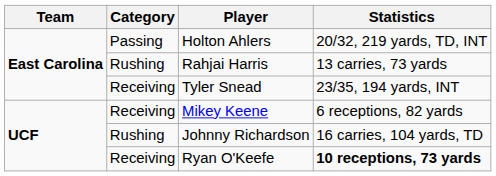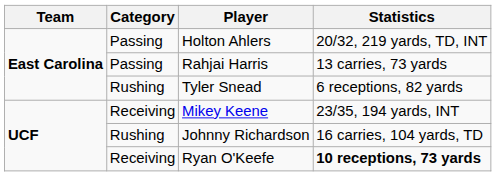 <table class="wikitable" style="float: left;">
 <tr>
 <th>Team</th>
 <th>Category</th>
 <th>Player</th>
 <th>Statistics</th>
 </tr>
 <tr>
 <td rowspan=3><strong>East Carolina</strong></td>
 <td>Passing</td>
 <td>Holton Ahlers</td>
 <td>20/32, 219 yards, TD, INT</td>
 </tr>
 <tr>
-<td>Rushing</td>
+<td>Passing</td>
 <td>Rahjai Harris</td>
 <td>13 carries, 73 yards</td>
 </tr>
 <tr>
-<td>Receiving</td>
+<td>Rushing</td>
 <td>Tyler Snead</td>
-<td>23/35, 194 yards, INT</td>
+<td>6 receptions, 82 yards</td>
 </tr>
 <tr>
 <td rowspan=3><strong>UCF</strong></td>
 <td>Receiving</td>
 <td><a href='#'>Mikey Keene</a></td>
-<td>6 receptions, 82 yards</td>
+<td>23/35, 194 yards, INT</td>
 </tr>
 <tr>
 <td>Rushing</td>
 <td>Johnny Richardson</td>
 <td>16 carries, 104 yards, TD</td>
 </tr>
 <tr>
 <td>Receiving</td>
 <td>Ryan O'Keefe</td>
 <td><strong>10 receptions, 73 yards</strong></td>
 </tr>
 </table>
